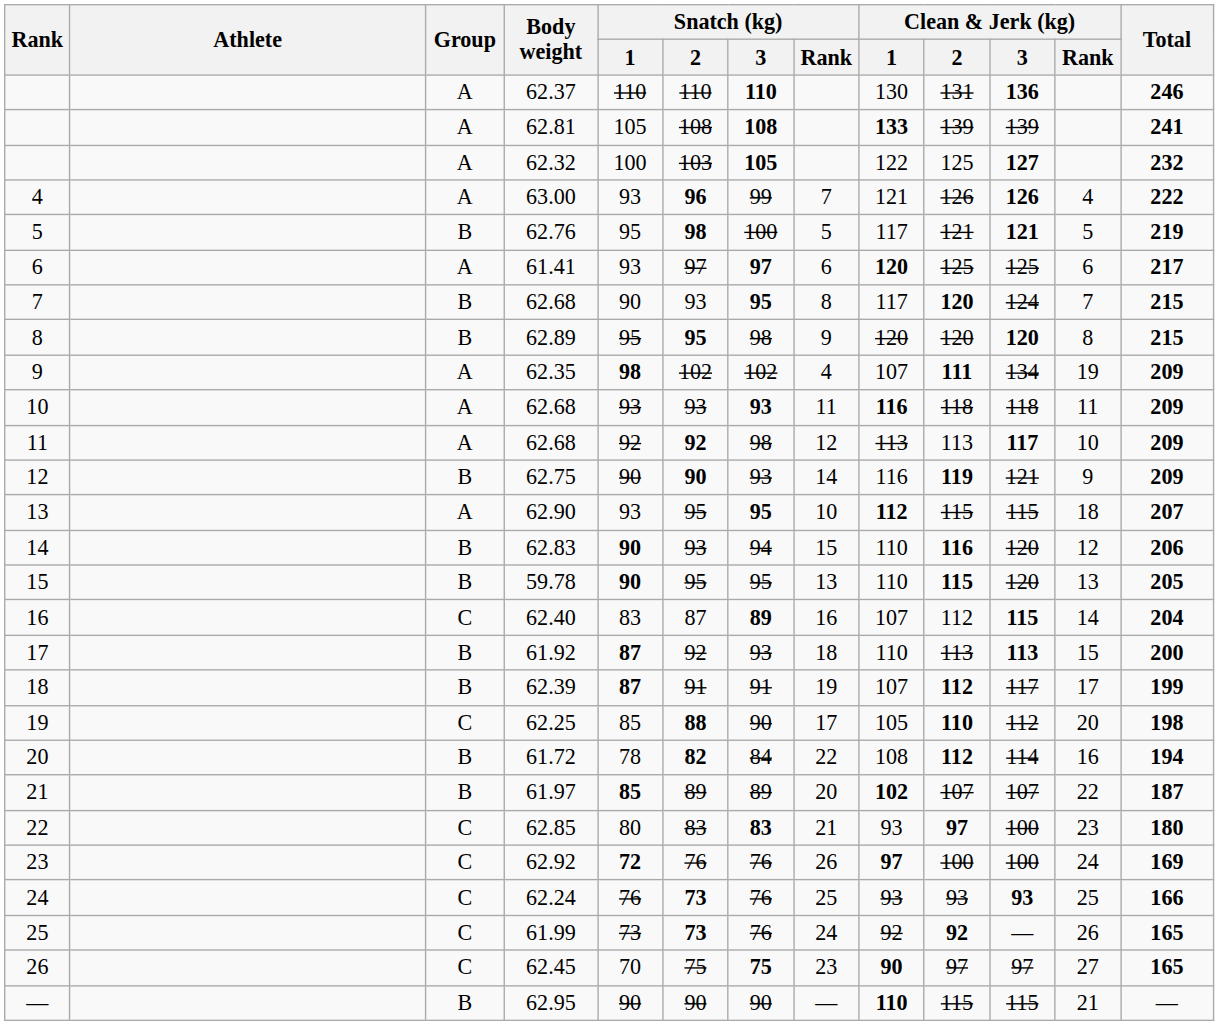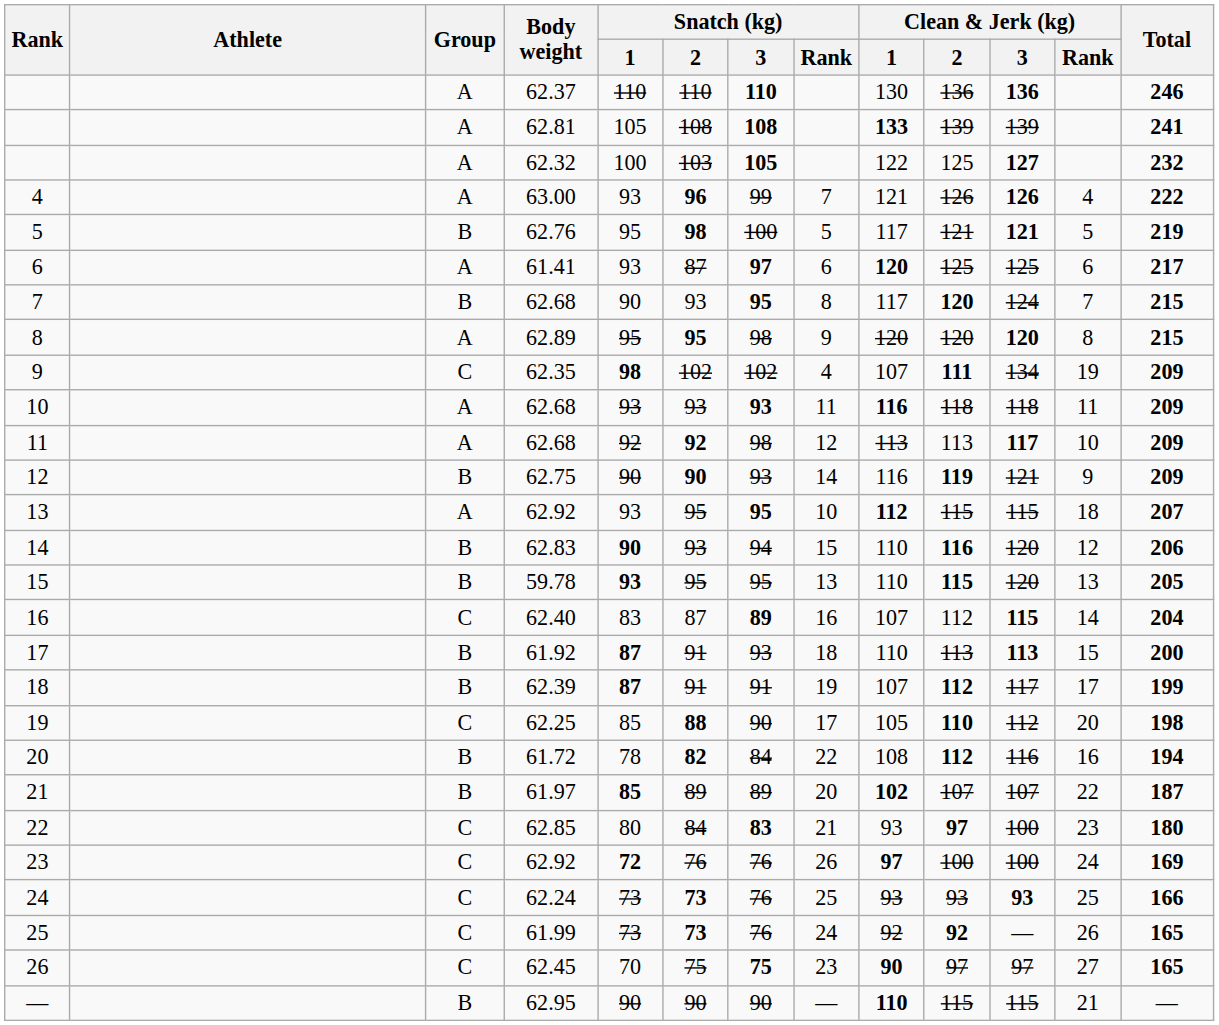 <table class = "wikitable" style="text-align:center;">
 <tr>
 <th rowspan=2 width=40>Rank</th>
 <th rowspan=2 width=250>Athlete</th>
 <th rowspan=2 width=50>Group</th>
 <th rowspan=2 width=60>Body weight</th>
 <th colspan=4>Snatch (kg)</th>
 <th colspan=4>Clean & Jerk (kg)</th>
 <th rowspan=2 width=60>Total</th>
 </tr>
 <tr>
 <th width=40>1</th>
 <th width=40>2</th>
 <th width=40>3</th>
 <th width=40>Rank</th>
 <th width=40>1</th>
 <th width=40>2</th>
 <th width=40>3</th>
 <th width=40>Rank</th>
 </tr>
 <tr>
 <td></td>
 <td align=left></td>
 <td>A</td>
 <td>62.37</td>
 <td><s>110 </s></td>
 <td><s>110 </s></td>
 <td><strong>110</strong></td>
 <td></td>
 <td>130</td>
-<td><s>131 </s></td>
+<td><s>136 </s></td>
 <td><strong>136</strong></td>
 <td></td>
 <td><strong>246</strong></td>
 </tr>
 <tr>
 <td></td>
 <td align=left></td>
 <td>A</td>
 <td>62.81</td>
 <td>105</td>
 <td><s>108 </s></td>
 <td><strong>108</strong></td>
 <td></td>
 <td><strong>133</strong></td>
 <td><s>139 </s></td>
 <td><s>139 </s></td>
 <td></td>
 <td><strong>241</strong></td>
 </tr>
 <tr>
 <td></td>
 <td align=left></td>
 <td>A</td>
 <td>62.32</td>
 <td>100</td>
 <td><s>103 </s></td>
 <td><strong>105</strong></td>
 <td></td>
 <td>122</td>
 <td>125</td>
 <td><strong>127</strong></td>
 <td></td>
 <td><strong>232</strong></td>
 </tr>
 <tr>
 <td>4</td>
 <td align=left></td>
 <td>A</td>
 <td>63.00</td>
 <td>93</td>
 <td><strong>96</strong></td>
 <td><s>99 </s></td>
 <td>7</td>
 <td>121</td>
 <td><s>126 </s></td>
 <td><strong>126</strong></td>
 <td>4</td>
 <td><strong>222</strong></td>
 </tr>
 <tr>
 <td>5</td>
 <td align=left></td>
 <td>B</td>
 <td>62.76</td>
 <td>95</td>
 <td><strong>98</strong></td>
 <td><s>100 </s></td>
 <td>5</td>
 <td>117</td>
 <td><s>121 </s></td>
 <td><strong>121</strong></td>
 <td>5</td>
 <td><strong>219</strong></td>
 </tr>
 <tr>
 <td>6</td>
 <td align=left></td>
 <td>A</td>
 <td>61.41</td>
 <td>93</td>
-<td><s>97 </s></td>
+<td><s>87 </s></td>
 <td><strong>97</strong></td>
 <td>6</td>
 <td><strong>120</strong></td>
 <td><s>125 </s></td>
 <td><s>125 </s></td>
 <td>6</td>
 <td><strong>217</strong></td>
 </tr>
 <tr>
 <td>7</td>
 <td align=left></td>
 <td>B</td>
 <td>62.68</td>
 <td>90</td>
 <td>93</td>
 <td><strong>95</strong></td>
 <td>8</td>
 <td>117</td>
 <td><strong>120</strong></td>
 <td><s>124 </s></td>
 <td>7</td>
 <td><strong>215</strong></td>
 </tr>
 <tr>
 <td>8</td>
 <td align=left></td>
-<td>B</td>
+<td>A</td>
 <td>62.89</td>
 <td><s>95 </s></td>
 <td><strong>95</strong></td>
 <td><s>98 </s></td>
 <td>9</td>
 <td><s>120 </s></td>
 <td><s>120 </s></td>
 <td><strong>120</strong></td>
 <td>8</td>
 <td><strong>215</strong></td>
 </tr>
 <tr>
 <td>9</td>
 <td align=left></td>
-<td>A</td>
+<td>C</td>
 <td>62.35</td>
 <td><strong>98</strong></td>
 <td><s>102 </s></td>
 <td><s>102 </s></td>
 <td>4</td>
 <td>107</td>
 <td><strong>111</strong></td>
 <td><s>134 </s></td>
 <td>19</td>
 <td><strong>209</strong></td>
 </tr>
 <tr>
 <td>10</td>
 <td align=left></td>
 <td>A</td>
 <td>62.68</td>
 <td><s>93 </s></td>
 <td><s>93 </s></td>
 <td><strong>93</strong></td>
 <td>11</td>
 <td><strong>116</strong></td>
 <td><s>118 </s></td>
 <td><s>118 </s></td>
 <td>11</td>
 <td><strong>209</strong></td>
 </tr>
 <tr>
 <td>11</td>
 <td align=left></td>
 <td>A</td>
 <td>62.68</td>
 <td><s>92 </s></td>
 <td><strong>92</strong></td>
 <td><s>98 </s></td>
 <td>12</td>
 <td><s>113 </s></td>
 <td>113</td>
 <td><strong>117</strong></td>
 <td>10</td>
 <td><strong>209</strong></td>
 </tr>
 <tr>
 <td>12</td>
 <td align=left></td>
 <td>B</td>
 <td>62.75</td>
 <td><s>90 </s></td>
 <td><strong>90</strong></td>
 <td><s>93 </s></td>
 <td>14</td>
 <td>116</td>
 <td><strong>119</strong></td>
 <td><s>121 </s></td>
 <td>9</td>
 <td><strong>209</strong></td>
 </tr>
 <tr>
 <td>13</td>
 <td align=left></td>
 <td>A</td>
-<td>62.90</td>
+<td>62.92</td>
 <td>93</td>
 <td><s>95 </s></td>
 <td><strong>95</strong></td>
 <td>10</td>
 <td><strong>112</strong></td>
 <td><s>115 </s></td>
 <td><s>115 </s></td>
 <td>18</td>
 <td><strong>207</strong></td>
 </tr>
 <tr>
 <td>14</td>
 <td align=left></td>
 <td>B</td>
 <td>62.83</td>
 <td><strong>90</strong></td>
 <td><s>93 </s></td>
 <td><s>94 </s></td>
 <td>15</td>
 <td>110</td>
 <td><strong>116</strong></td>
 <td><s>120 </s></td>
 <td>12</td>
 <td><strong>206</strong></td>
 </tr>
 <tr>
 <td>15</td>
 <td align=left></td>
 <td>B</td>
 <td>59.78</td>
-<td><strong>90</strong></td>
+<td><strong>93</strong></td>
 <td><s>95 </s></td>
 <td><s>95 </s></td>
 <td>13</td>
 <td>110</td>
 <td><strong>115</strong></td>
 <td><s>120 </s></td>
 <td>13</td>
 <td><strong>205</strong></td>
 </tr>
 <tr>
 <td>16</td>
 <td align=left></td>
 <td>C</td>
 <td>62.40</td>
 <td>83</td>
 <td>87</td>
 <td><strong>89</strong></td>
 <td>16</td>
 <td>107</td>
 <td>112</td>
 <td><strong>115</strong></td>
 <td>14</td>
 <td><strong>204</strong></td>
 </tr>
 <tr>
 <td>17</td>
 <td align=left></td>
 <td>B</td>
 <td>61.92</td>
 <td><strong>87</strong></td>
-<td><s>92 </s></td>
+<td><s>91 </s></td>
 <td><s>93 </s></td>
 <td>18</td>
 <td>110</td>
 <td><s>113 </s></td>
 <td><strong>113</strong></td>
 <td>15</td>
 <td><strong>200</strong></td>
 </tr>
 <tr>
 <td>18</td>
 <td align=left></td>
 <td>B</td>
 <td>62.39</td>
 <td><strong>87</strong></td>
 <td><s>91 </s></td>
 <td><s>91 </s></td>
 <td>19</td>
 <td>107</td>
 <td><strong>112</strong></td>
 <td><s>117 </s></td>
 <td>17</td>
 <td><strong>199</strong></td>
 </tr>
 <tr>
 <td>19</td>
 <td align=left></td>
 <td>C</td>
 <td>62.25</td>
 <td>85</td>
 <td><strong>88</strong></td>
 <td><s>90 </s></td>
 <td>17</td>
 <td>105</td>
 <td><strong>110</strong></td>
 <td><s>112 </s></td>
 <td>20</td>
 <td><strong>198</strong></td>
 </tr>
 <tr>
 <td>20</td>
 <td align=left></td>
 <td>B</td>
 <td>61.72</td>
 <td>78</td>
 <td><strong>82</strong></td>
 <td><s>84 </s></td>
 <td>22</td>
 <td>108</td>
 <td><strong>112</strong></td>
-<td><s>114 </s></td>
+<td><s>116 </s></td>
 <td>16</td>
 <td><strong>194</strong></td>
 </tr>
 <tr>
 <td>21</td>
 <td align=left></td>
 <td>B</td>
 <td>61.97</td>
 <td><strong>85</strong></td>
 <td><s>89 </s></td>
 <td><s>89 </s></td>
 <td>20</td>
 <td><strong>102</strong></td>
 <td><s>107 </s></td>
 <td><s>107 </s></td>
 <td>22</td>
 <td><strong>187</strong></td>
 </tr>
 <tr>
 <td>22</td>
 <td align=left></td>
 <td>C</td>
 <td>62.85</td>
 <td>80</td>
-<td><s>83 </s></td>
+<td><s>84 </s></td>
 <td><strong>83</strong></td>
 <td>21</td>
 <td>93</td>
 <td><strong>97</strong></td>
 <td><s>100 </s></td>
 <td>23</td>
 <td><strong>180</strong></td>
 </tr>
 <tr>
 <td>23</td>
 <td align=left></td>
 <td>C</td>
 <td>62.92</td>
 <td><strong>72</strong></td>
 <td><s>76 </s></td>
 <td><s>76 </s></td>
 <td>26</td>
 <td><strong>97</strong></td>
 <td><s>100 </s></td>
 <td><s>100 </s></td>
 <td>24</td>
 <td><strong>169</strong></td>
 </tr>
 <tr>
 <td>24</td>
 <td align=left></td>
 <td>C</td>
 <td>62.24</td>
-<td><s>76 </s></td>
+<td><s>73 </s></td>
 <td><strong>73</strong></td>
 <td><s>76 </s></td>
 <td>25</td>
 <td><s>93 </s></td>
 <td><s>93 </s></td>
 <td><strong>93</strong></td>
 <td>25</td>
 <td><strong>166</strong></td>
 </tr>
 <tr>
 <td>25</td>
 <td align=left></td>
 <td>C</td>
 <td>61.99</td>
 <td><s>73 </s></td>
 <td><strong>73</strong></td>
 <td><s>76 </s></td>
 <td>24</td>
 <td><s>92 </s></td>
 <td><strong>92</strong></td>
 <td>—</td>
 <td>26</td>
 <td><strong>165</strong></td>
 </tr>
 <tr>
 <td>26</td>
 <td align=left></td>
 <td>C</td>
 <td>62.45</td>
 <td>70</td>
 <td><s>75 </s></td>
 <td><strong>75</strong></td>
 <td>23</td>
 <td><strong>90</strong></td>
 <td><s>97 </s></td>
 <td><s>97 </s></td>
 <td>27</td>
 <td><strong>165</strong></td>
 </tr>
 <tr>
 <td>—</td>
 <td align=left></td>
 <td>B</td>
 <td>62.95</td>
 <td><s>90 </s></td>
 <td><s>90 </s></td>
 <td><s>90 </s></td>
 <td>—</td>
 <td><strong>110</strong></td>
 <td><s>115 </s></td>
 <td><s>115 </s></td>
 <td>21</td>
 <td>—</td>
 </tr>
 </table>
